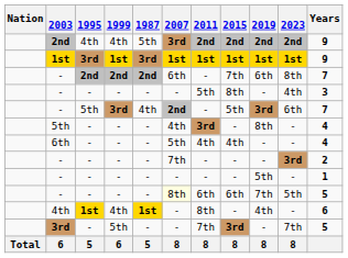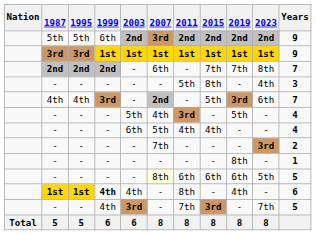 <table class="wikitable" style="text-align:center; font-size:90%">
 <tr>
 <th>Nation</th>
-<th><br><a href='#'>2003</a></th>
+<th><br><a href='#'>1987</a></th>
 <th><br><a href='#'>1995</a></th>
 <th><br><a href='#'>1999</a></th>
-<th><br><a href='#'>1987</a></th>
+<th><br><a href='#'>2003</a></th>
 <th><br><a href='#'>2007</a></th>
 <th><br><a href='#'>2011</a></th>
 <th><br><a href='#'>2015</a></th>
 <th><br><a href='#'>2019</a></th>
 <th><br><a href='#'>2023</a></th>
 <th>Years</th>
 </tr>
 <tr>
 <td align=left></td>
+<td>5th</td>
+<td>5th</td>
+<td>6th</td>
 <td bgcolor=silver><strong>2nd</strong></td>
-<td>4th</td>
-<td>4th</td>
-<td>5th</td>
 <td bgcolor=#cc9966><strong>3rd</strong></td>
 <td bgcolor=silver><strong>2nd</strong></td>
 <td bgcolor=silver><strong>2nd</strong></td>
 <td bgcolor=silver><strong>2nd</strong></td>
 <td bgcolor=silver><strong>2nd</strong></td>
 <td><strong>9</strong></td>
 </tr>
 <tr>
 <td align=left></td>
-<td bgcolor=gold><strong>1st</strong></td>
+<td bgcolor=#cc9966><strong>3rd</strong></td>
 <td bgcolor=#cc9966><strong>3rd</strong></td>
 <td bgcolor=gold><strong>1st</strong></td>
-<td bgcolor=#cc9966><strong>3rd</strong></td>
+<td bgcolor=gold><strong>1st</strong></td>
 <td bgcolor=gold><strong>1st</strong></td>
 <td bgcolor=gold><strong>1st</strong></td>
 <td bgcolor=gold><strong>1st</strong></td>
 <td bgcolor=gold><strong>1st</strong></td>
 <td bgcolor=gold><strong>1st</strong></td>
 <td><strong>9</strong></td>
 </tr>
 <tr>
 <td align=left></td>
-<td>-</td>
 <td bgcolor=silver><strong>2nd</strong></td>
 <td bgcolor=silver><strong>2nd</strong></td>
 <td bgcolor=silver><strong>2nd</strong></td>
+<td>-</td>
 <td>6th</td>
 <td>-</td>
 <td>7th</td>
-<td>6th</td>
+<td>7th</td>
 <td>8th</td>
 <td><strong>7</strong></td>
 </tr>
 <tr>
 <td align=left></td>
 <td>-</td>
 <td>-</td>
 <td>-</td>
 <td>-</td>
 <td>-</td>
 <td>5th</td>
 <td>8th</td>
 <td>-</td>
 <td>4th</td>
 <td><strong>3</strong></td>
 </tr>
 <tr>
 <td align=left></td>
+<td>4th</td>
+<td>4th</td>
+<td bgcolor=#cc9966><strong>3rd</strong></td>
 <td>-</td>
-<td>5th</td>
-<td bgcolor=#cc9966><strong>3rd</strong></td>
-<td>4th</td>
 <td bgcolor=silver><strong>2nd</strong></td>
 <td>-</td>
 <td>5th</td>
 <td bgcolor=#cc9966><strong>3rd</strong></td>
 <td>6th</td>
 <td><strong>7</strong></td>
 </tr>
 <tr>
 <td align=left></td>
-<td>5th</td>
 <td>-</td>
 <td>-</td>
 <td>-</td>
+<td>5th</td>
 <td>4th</td>
 <td bgcolor=#cc9966><strong>3rd</strong></td>
 <td>-</td>
-<td>8th</td>
+<td>5th</td>
 <td>-</td>
 <td><strong>4</strong></td>
 </tr>
 <tr>
 <td align=left></td>
-<td>6th</td>
 <td>-</td>
 <td>-</td>
 <td>-</td>
+<td>6th</td>
 <td>5th</td>
 <td>4th</td>
 <td>4th</td>
 <td>-</td>
 <td>-</td>
 <td><strong>4</strong></td>
 </tr>
 <tr>
 <td align=left></td>
 <td>-</td>
 <td>-</td>
 <td>-</td>
 <td>-</td>
 <td>7th</td>
 <td>-</td>
 <td>-</td>
 <td>-</td>
 <td bgcolor=#cc9966><strong>3rd</strong></td>
 <td><strong>2</strong></td>
 </tr>
 <tr>
 <td align=left></td>
 <td>-</td>
 <td>-</td>
 <td>-</td>
 <td>-</td>
 <td>-</td>
 <td>-</td>
 <td>-</td>
-<td>5th</td>
+<td>8th</td>
 <td>-</td>
 <td><strong>1</strong></td>
 </tr>
 <tr>
 <td align=left></td>
 <td>-</td>
 <td>-</td>
 <td>-</td>
 <td>-</td>
 <td style="background: lightyellow;">8th</td>
 <td>6th</td>
 <td>6th</td>
-<td>7th</td>
+<td>6th</td>
 <td>5th</td>
 <td><strong>5</strong></td>
 </tr>
 <tr>
 <td align=left></td>
+<td bgcolor=gold><strong>1st</strong></td>
+<td bgcolor=gold><strong>1st</strong></td>
+<td><strong>4th</strong></td>
 <td>4th</td>
-<td bgcolor=gold><strong>1st</strong></td>
-<td>4th</td>
-<td bgcolor=gold><strong>1st</strong></td>
 <td>-</td>
 <td>8th</td>
 <td>-</td>
 <td>4th</td>
 <td>-</td>
 <td><strong>6</strong></td>
 </tr>
 <tr>
 <td align=left></td>
+<td>-</td>
+<td>-</td>
+<td>4th</td>
 <td bgcolor=#cc9966><strong>3rd</strong></td>
-<td>-</td>
-<td>5th</td>
-<td>-</td>
 <td>-</td>
 <td>7th</td>
 <td bgcolor=#cc9966><strong>3rd</strong></td>
 <td>-</td>
 <td>7th</td>
 <td><strong>5</strong></td>
 </tr>
 <tr>
 <th>Total</th>
-<th>6</th>
+<th>5</th>
 <th>5</th>
 <th>6</th>
-<th>5</th>
+<th>6</th>
 <th>8</th>
 <th>8</th>
 <th>8</th>
 <th>8</th>
 <th>8</th>
 <th></th>
 </tr>
 </table>
